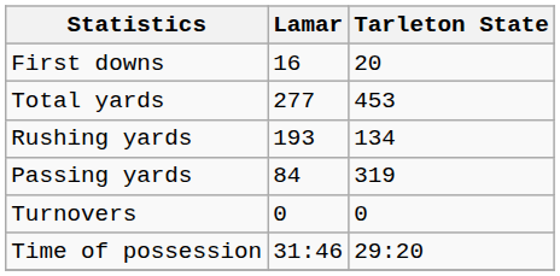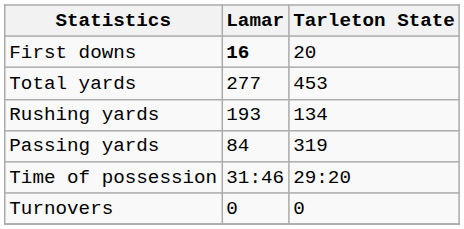 <table class="wikitable" style="float: left;">
 <tr>
 <th>Statistics</th>
 <th><strong>Lamar</strong></th>
 <th><strong>Tarleton State</strong></th>
 </tr>
 <tr>
 <td>First downs</td>
-<td>16</td>
+<td><strong>16</strong></td>
 <td>20</td>
 </tr>
 <tr>
 <td>Total yards</td>
 <td>277</td>
 <td>453</td>
 </tr>
 <tr>
 <td>Rushing yards</td>
 <td>193</td>
 <td>134</td>
 </tr>
 <tr>
 <td>Passing yards</td>
 <td>84</td>
 <td>319</td>
 </tr>
 <tr>
+<td>Time of possession</td>
+<td>31:46</td>
+<td>29:20</td>
+</tr>
+<tr>
 <td>Turnovers</td>
 <td>0</td>
 <td>0</td>
 </tr>
 <tr>
-<td>Time of possession</td>
-<td>31:46</td>
-<td>29:20</td>
-</tr>
-<tr>
 </tr>
 </table>
